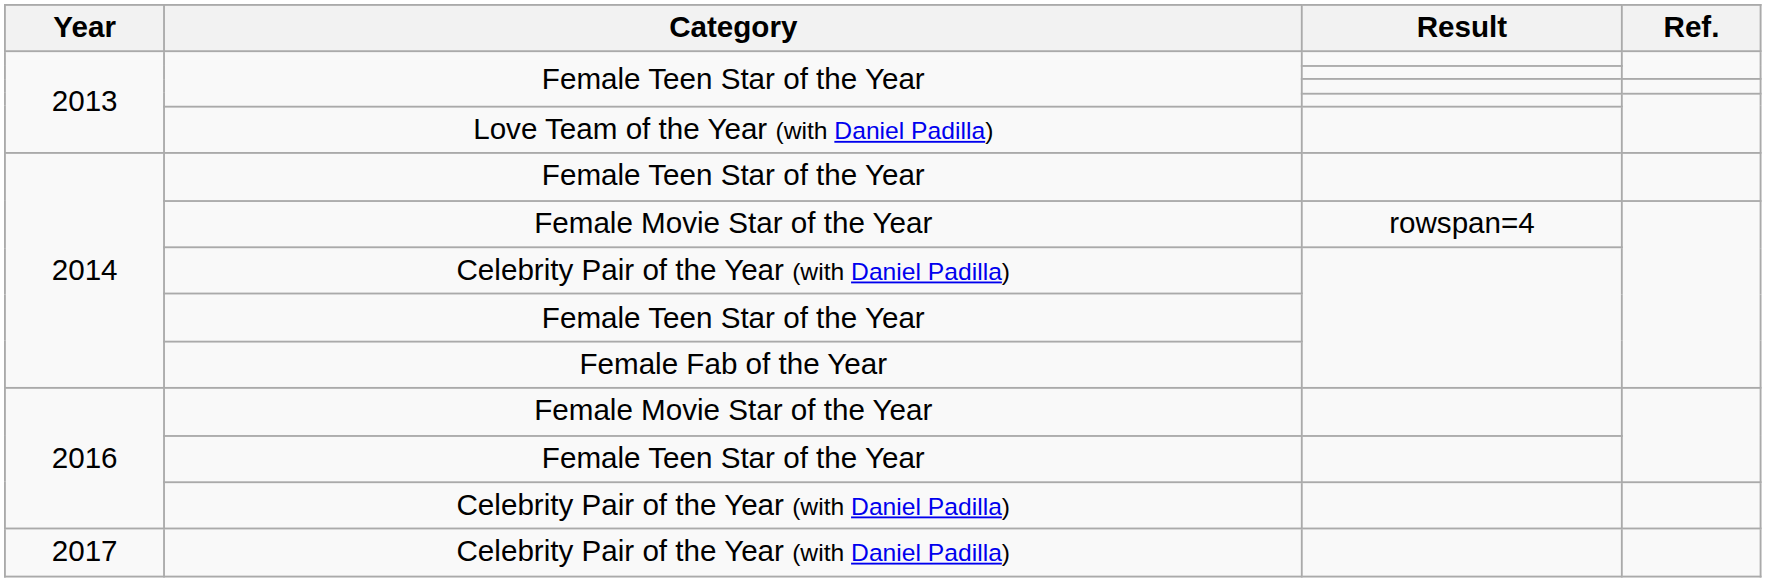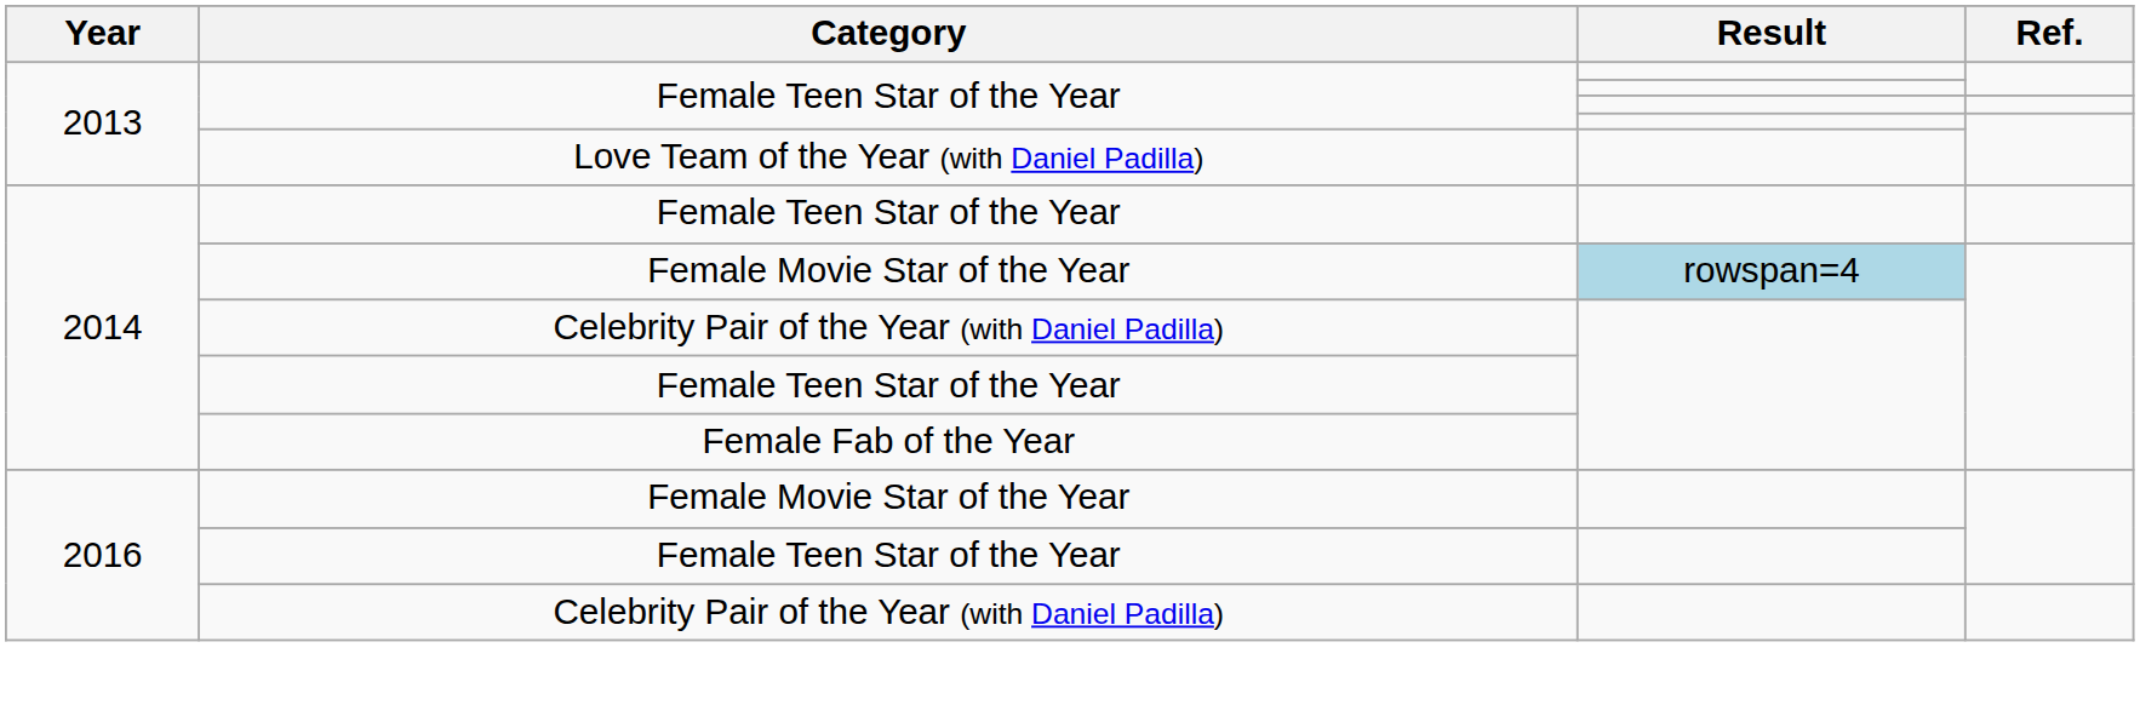 <table class="wikitable sortable"  style="text-align:center; width:60%;">
 <tr>
 <th>Year</th>
 <th>Category</th>
 <th>Result</th>
 <th>Ref.</th>
 </tr>
 <tr>
 <td rowspan=5>2013</td>
 <td rowspan=4>Female Teen Star of the Year</td>
 <td></td>
 <td rowspan=2></td>
 </tr>
 <tr>
 <td></td>
 </tr>
 <tr>
 <td></td>
 <td></td>
 </tr>
 <tr>
 <td></td>
 <td rowspan=2></td>
 </tr>
 <tr>
 <td>Love Team of the Year <small>(with <a href='#'>Daniel Padilla</a>)</small></td>
 <td></td>
 </tr>
 <tr>
 <td rowspan=5>2014</td>
 <td>Female Teen Star of the Year</td>
 <td></td>
 <td></td>
 </tr>
 <tr>
 <td>Female Movie Star of the Year</td>
-<td>rowspan=4 </td>
+<td style="background: lightblue;">rowspan=4 </td>
 <td rowspan=4></td>
 </tr>
 <tr>
 <td>Celebrity Pair of the Year <small>(with <a href='#'>Daniel Padilla</a>)</small></td>
 </tr>
 <tr>
 <td>Female Teen Star of the Year</td>
 </tr>
 <tr>
 <td>Female Fab of the Year</td>
 </tr>
 <tr>
 <td rowspan=3>2016</td>
 <td>Female Movie Star of the Year</td>
 <td></td>
 <td rowspan=2></td>
 </tr>
 <tr>
 <td>Female Teen Star of the Year</td>
 <td></td>
 </tr>
 <tr>
 <td>Celebrity Pair of the Year <small>(with <a href='#'>Daniel Padilla</a>)</small></td>
 <td></td>
 <td></td>
 </tr>
-<tr>
-<td>2017</td>
-<td>Celebrity Pair of the Year <small>(with <a href='#'>Daniel Padilla</a>)</small></td>
-<td></td>
-<td></td>
-</tr>
 </table>
